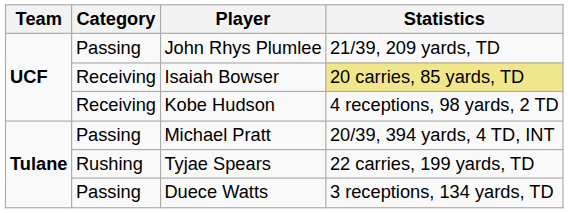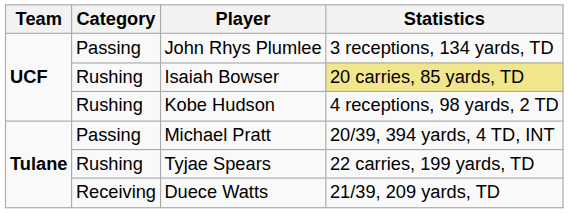 <table class="wikitable" style="float: right;">
 <tr>
 <th>Team</th>
 <th>Category</th>
 <th>Player</th>
 <th>Statistics</th>
 </tr>
 <tr>
 <td rowspan=3><strong>UCF</strong></td>
 <td>Passing</td>
 <td>John Rhys Plumlee</td>
-<td>21/39, 209 yards, TD</td>
+<td>3 receptions, 134 yards, TD</td>
 </tr>
 <tr>
-<td>Receiving</td>
+<td>Rushing</td>
 <td>Isaiah Bowser</td>
 <td style="background: khaki;">20 carries, 85 yards, TD</td>
 </tr>
 <tr>
-<td>Receiving</td>
+<td>Rushing</td>
 <td>Kobe Hudson</td>
 <td>4 receptions, 98 yards, 2 TD</td>
 </tr>
 <tr>
 <td rowspan=3><strong>Tulane</strong></td>
 <td>Passing</td>
 <td>Michael Pratt</td>
 <td>20/39, 394 yards, 4 TD, INT</td>
 </tr>
 <tr>
 <td>Rushing</td>
 <td>Tyjae Spears</td>
 <td>22 carries, 199 yards, TD</td>
 </tr>
 <tr>
-<td>Passing</td>
+<td>Receiving</td>
 <td>Duece Watts</td>
-<td>3 receptions, 134 yards, TD</td>
+<td>21/39, 209 yards, TD</td>
 </tr>
 </table>
